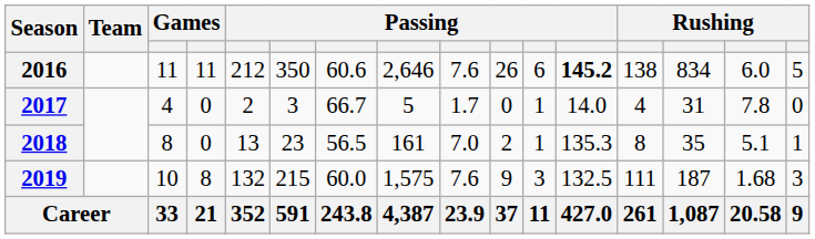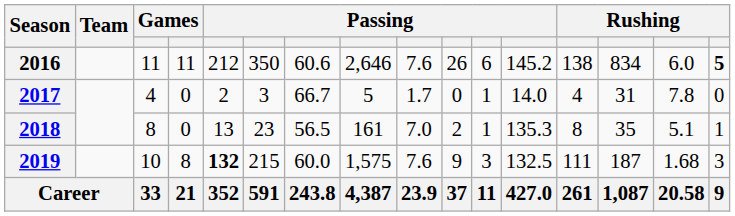 <table class="wikitable" style="text-align:center;">
 <tr>
 <th rowspan="2">Season</th>
 <th rowspan="2">Team</th>
 <th colspan="2">Games</th>
 <th colspan="8">Passing</th>
 <th colspan="4">Rushing</th>
 </tr>
 <tr>
 <th></th>
 <th></th>
 <th></th>
 <th></th>
 <th></th>
 <th></th>
 <th></th>
 <th></th>
 <th></th>
 <th></th>
 <th></th>
 <th></th>
 <th></th>
 <th></th>
 </tr>
 <tr>
 <th>2016</th>
 <td style=></td>
 <td>11</td>
 <td>11</td>
 <td>212</td>
 <td>350</td>
 <td>60.6</td>
 <td>2,646</td>
 <td>7.6</td>
 <td>26</td>
 <td>6</td>
-<td><strong>145.2</strong></td>
+<td>145.2</td>
 <td>138</td>
 <td>834</td>
 <td>6.0</td>
-<td>5</td>
+<td><strong>5</strong></td>
 </tr>
 <tr>
 <th><a href='#'>2017</a></th>
 <td rowspan="2" style=></td>
 <td>4</td>
 <td>0</td>
 <td>2</td>
 <td>3</td>
 <td>66.7</td>
 <td>5</td>
 <td>1.7</td>
 <td>0</td>
 <td>1</td>
 <td>14.0</td>
 <td>4</td>
 <td>31</td>
 <td>7.8</td>
 <td>0</td>
 </tr>
 <tr>
 <th><a href='#'>2018</a></th>
 <td>8</td>
 <td>0</td>
 <td>13</td>
 <td>23</td>
 <td>56.5</td>
 <td>161</td>
 <td>7.0</td>
 <td>2</td>
 <td>1</td>
 <td>135.3</td>
 <td>8</td>
 <td>35</td>
 <td>5.1</td>
 <td>1</td>
 </tr>
 <tr>
 <th><a href='#'>2019</a></th>
 <td style=></td>
 <td>10</td>
 <td>8</td>
-<td>132</td>
+<td><strong>132</strong></td>
 <td>215</td>
 <td>60.0</td>
 <td>1,575</td>
 <td>7.6</td>
 <td>9</td>
 <td>3</td>
 <td>132.5</td>
 <td>111</td>
 <td>187</td>
 <td>1.68</td>
 <td>3</td>
 </tr>
 <tr>
 <th colspan="2">Career</th>
 <th>33</th>
 <th>21</th>
 <th>352</th>
 <th>591</th>
 <th>243.8</th>
 <th>4,387</th>
 <th>23.9</th>
 <th>37</th>
 <th>11</th>
 <th>427.0</th>
 <th>261</th>
 <th>1,087</th>
 <th>20.58</th>
 <th>9</th>
 </tr>
 </table>
